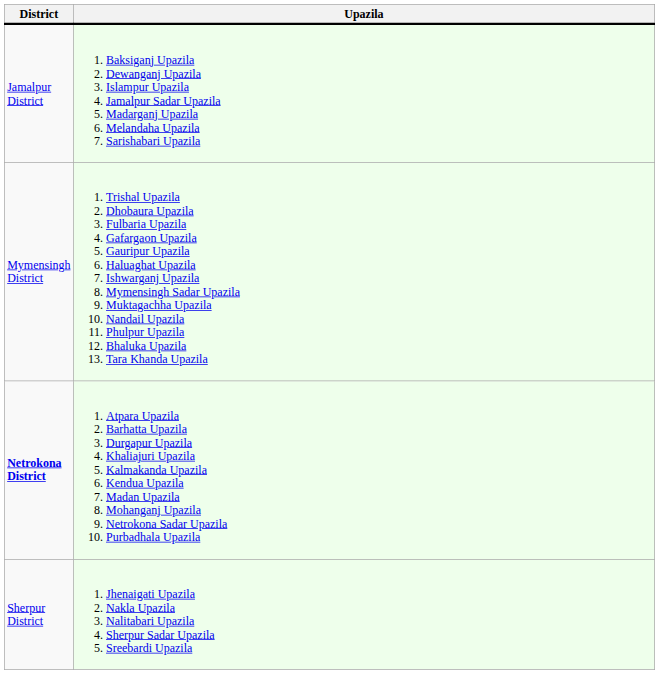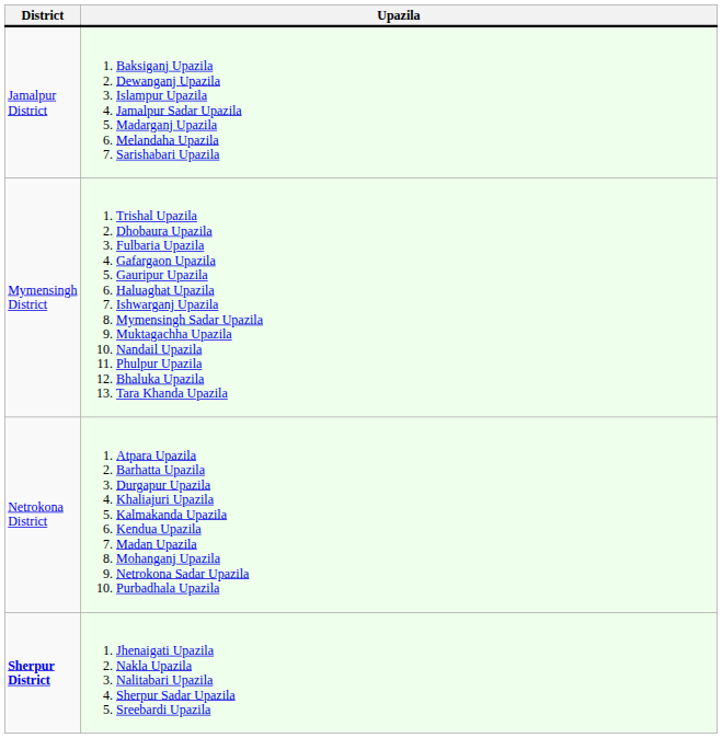 <table class="wikitable">
 <tr>
 <th>District</th>
 <th colspan="7" width="100%">Upazila</th>
 </tr>
 <tr style="border-top: 3px solid black">
 <td rowspan="1"><a href='#'>Jamalpur District</a></td>
 <td colspan="2" style="background: #eeffeb"><br><ol><li><a href='#'>Baksiganj Upazila</a></li><li><a href='#'>Dewanganj Upazila</a></li><li><a href='#'>Islampur Upazila</a></li><li><a href='#'>Jamalpur Sadar Upazila</a></li><li><a href='#'>Madarganj Upazila</a></li><li><a href='#'>Melandaha Upazila</a></li><li><a href='#'>Sarishabari Upazila</a></li></ol></td>
 </tr>
 <tr>
 <td rowspan="1"><a href='#'>Mymensingh District</a></td>
 <td colspan="2" style="background: #eeffeb"><br><ol><li><a href='#'>Trishal Upazila</a></li><li><a href='#'>Dhobaura Upazila</a></li><li><a href='#'>Fulbaria Upazila</a></li><li><a href='#'>Gafargaon Upazila</a></li><li><a href='#'>Gauripur Upazila</a></li><li><a href='#'>Haluaghat Upazila</a></li><li><a href='#'>Ishwarganj Upazila</a></li><li><a href='#'>Mymensingh Sadar Upazila</a></li><li><a href='#'>Muktagachha Upazila</a></li><li><a href='#'>Nandail Upazila</a></li><li><a href='#'>Phulpur Upazila</a></li><li><a href='#'>Bhaluka Upazila</a></li><li><a href='#'>Tara Khanda Upazila</a></li></ol></td>
 </tr>
 <tr>
-<td rowspan="1"><strong><a href='#'>Netrokona District</a></strong></td>
+<td rowspan="1"><a href='#'>Netrokona District</a></td>
 <td colspan="2" style="background: #eeffeb"><br><ol><li><a href='#'>Atpara Upazila</a></li><li><a href='#'>Barhatta Upazila</a></li><li><a href='#'>Durgapur Upazila</a></li><li><a href='#'>Khaliajuri Upazila</a></li><li><a href='#'>Kalmakanda Upazila</a></li><li><a href='#'>Kendua Upazila</a></li><li><a href='#'>Madan Upazila</a></li><li><a href='#'>Mohanganj Upazila</a></li><li><a href='#'>Netrokona Sadar Upazila</a></li><li><a href='#'>Purbadhala Upazila</a></li></ol></td>
 </tr>
 <tr>
-<td rowspan="1"><a href='#'>Sherpur District</a></td>
+<td rowspan="1"><strong><a href='#'>Sherpur District</a></strong></td>
 <td colspan="2" style="background: #eeffeb"><br><ol><li><a href='#'>Jhenaigati Upazila</a></li><li><a href='#'>Nakla Upazila</a></li><li><a href='#'>Nalitabari Upazila</a></li><li><a href='#'>Sherpur Sadar Upazila</a></li><li><a href='#'>Sreebardi Upazila</a></li></ol></td>
 </tr>
 </table>
